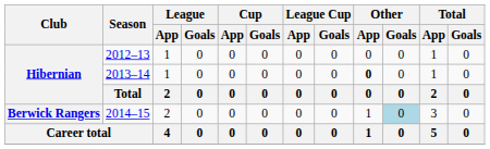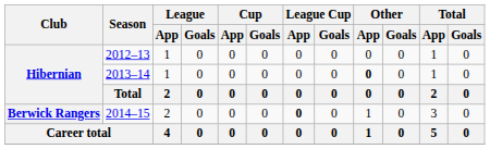 <table class="wikitable" style="font-size:100%; text-align:center">
 <tr>
 <th rowspan="2">Club</th>
 <th rowspan="2">Season</th>
 <th colspan="2">League</th>
 <th colspan="2">Cup</th>
 <th colspan="2">League Cup</th>
 <th colspan="2">Other</th>
 <th colspan="2">Total</th>
 </tr>
 <tr>
 <th>App</th>
 <th>Goals</th>
 <th>App</th>
 <th>Goals</th>
 <th>App</th>
 <th>Goals</th>
 <th>App</th>
 <th>Goals</th>
 <th>App</th>
 <th>Goals</th>
 </tr>
 <tr>
 <th rowspan=3><a href='#'>Hibernian</a></th>
 <td><a href='#'>2012–13</a></td>
 <td>1</td>
 <td>0</td>
 <td>0</td>
 <td>0</td>
 <td>0</td>
 <td>0</td>
 <td>0</td>
 <td>0</td>
 <td>1</td>
 <td>0</td>
 </tr>
 <tr>
 <td><a href='#'>2013–14</a></td>
 <td>1</td>
 <td>0</td>
 <td>0</td>
 <td>0</td>
 <td>0</td>
 <td>0</td>
 <td><strong>0</strong></td>
 <td>0</td>
 <td>1</td>
 <td>0</td>
 </tr>
 <tr>
 <th>Total</th>
 <th>2</th>
 <th>0</th>
 <th>0</th>
 <th>0</th>
 <th>0</th>
 <th>0</th>
 <th>0</th>
 <th>0</th>
 <th>2</th>
 <th>0</th>
 </tr>
 <tr>
 <th><a href='#'>Berwick Rangers</a></th>
 <td><a href='#'>2014–15</a></td>
 <td>2</td>
 <td>0</td>
 <td>0</td>
 <td>0</td>
-<td>0</td>
+<td><strong>0</strong></td>
 <td>0</td>
 <td>1</td>
-<td style="background: lightblue;">0</td>
+<td>0</td>
 <td>3</td>
 <td>0</td>
 </tr>
 <tr>
 <th colspan="2">Career total</th>
 <th>4</th>
 <th>0</th>
 <th>0</th>
 <th>0</th>
 <th>0</th>
 <th>0</th>
 <th>1</th>
 <th>0</th>
 <th>5</th>
 <th>0</th>
 </tr>
 <tr>
 </tr>
 </table>
